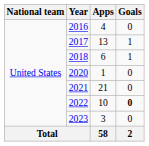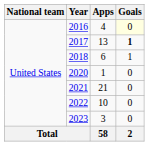 <table class="wikitable" style="text-align:center">
 <tr>
 <th>National team</th>
 <th>Year</th>
 <th>Apps</th>
 <th>Goals</th>
 </tr>
 <tr>
 <td rowspan="7"><a href='#'>United States</a></td>
 <td><a href='#'>2016</a></td>
 <td>4</td>
-<td>0</td>
+<td style="background: lightyellow;">0</td>
 </tr>
 <tr>
 <td><a href='#'>2017</a></td>
 <td>13</td>
-<td>1</td>
+<td><strong>1</strong></td>
 </tr>
 <tr>
 <td><a href='#'>2018</a></td>
 <td>6</td>
 <td>1</td>
 </tr>
 <tr>
 <td><a href='#'>2020</a></td>
 <td>1</td>
 <td>0</td>
 </tr>
 <tr>
 <td><a href='#'>2021</a></td>
 <td>21</td>
 <td>0</td>
 </tr>
 <tr>
 <td><a href='#'>2022</a></td>
 <td>10</td>
-<td><strong>0</strong></td>
+<td>0</td>
 </tr>
 <tr>
 <td><a href='#'>2023</a></td>
 <td>3</td>
 <td>0</td>
 </tr>
 <tr>
 <th colspan="2">Total</th>
 <th>58</th>
 <th>2</th>
 </tr>
 </table>
